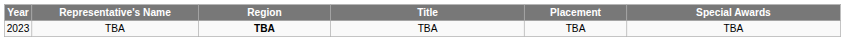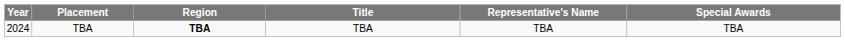 <table class="wikitable sortable" style="font-size: 95%; text-align:center">
 <tr>
 <th style="background-color:#787878;color:#FFFFFF;">Year</th>
-<th width="250" style="background-color:#787878;color:#FFFFFF;">Representative's Name</th>
+<th width="150" style="background-color:#787878;color:#FFFFFF;">Placement</th>
 <th width="200" style="background-color:#787878;color:#FFFFFF;">Region</th>
 <th width="300" style="background-color:#787878;color:#FFFFFF;">Title</th>
-<th width="150" style="background-color:#787878;color:#FFFFFF;">Placement</th>
+<th width="250" style="background-color:#787878;color:#FFFFFF;">Representative's Name</th>
 <th width="330" style="background-color:#787878;color:#FFFFFF;">Special Awards</th>
 </tr>
 <tr>
-<td>2023</td>
+<td>2024</td>
 <td>TBA</td>
 <td><strong>TBA</strong></td>
 <td>TBA</td>
 <td>TBA</td>
 <td>TBA</td>
 </tr>
 </table>
